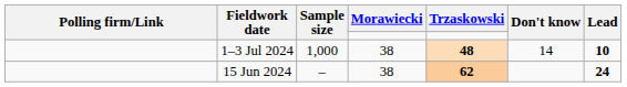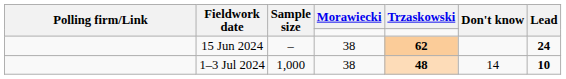 <table class="wikitable" style="text-align:center; font-size:85%; line-height:14px;">
 <tr>
 <th rowspan="2" style="width:200px;">Polling firm/Link</th>
 <th rowspan="2" data-sort-type="date">Fieldwork<br>date</th>
 <th rowspan="2" style="width:20px;">Sample<br>size</th>
 <th><a href='#'>Morawiecki</a><br></th>
 <th><a href='#'>Trzaskowski</a><br></th>
 <th rowspan="2">Don't know</th>
 <th rowspan="2">Lead</th>
 </tr>
 <tr>
 <td style="background:"></td>
 <td style="background:"></td>
 </tr>
 <tr>
 <td></td>
+<td data-sort-value="2024-06-15">15 Jun 2024</td>
+<td>–</td>
+<td>38</td>
+<td style="background:#fbcc99;"><strong>62</strong></td>
+<td></td>
+<td style="background:"><strong>24</strong></td>
+</tr>
+<tr>
+<td></td>
 <td data-sort-value="2024-07-03">1–3 Jul 2024</td>
 <td>1,000</td>
 <td>38</td>
 <td style="background:#FDDCB8;"><strong>48</strong></td>
 <td>14</td>
 <td style="background:"><strong>10</strong></td>
 </tr>
-<tr>
-<td></td>
-<td data-sort-value="2024-06-15">15 Jun 2024</td>
-<td>–</td>
-<td>38</td>
-<td style="background:#fbcc99;"><strong>62</strong></td>
-<td></td>
-<td style="background:"><strong>24</strong></td>
-</tr>
 </table>
